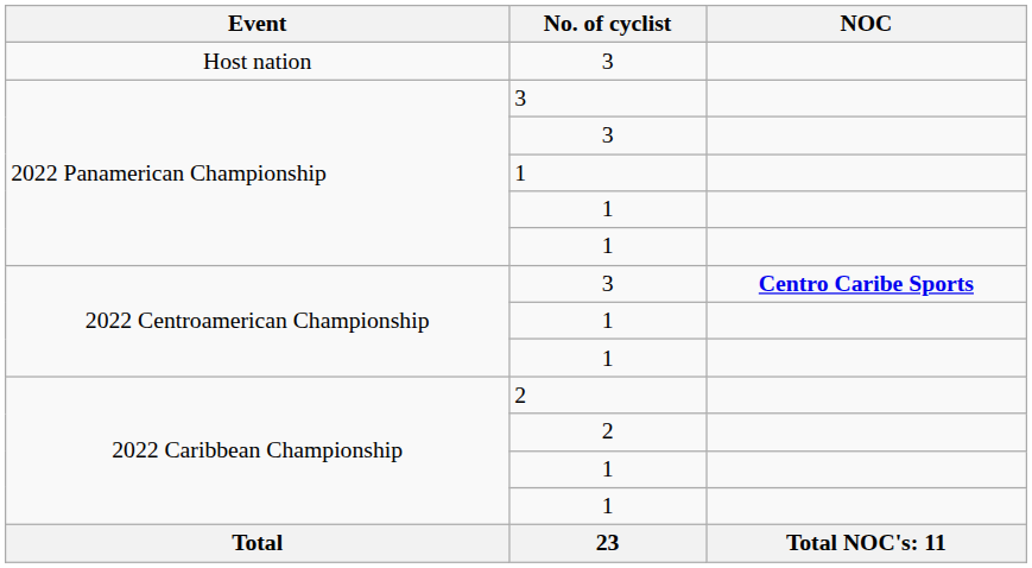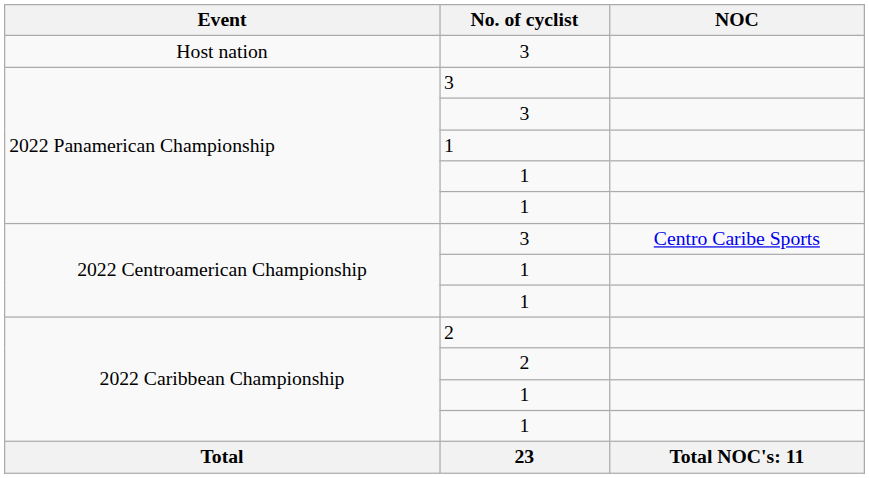 <table class="wikitable" style="width:700px; text-align:center;">
 <tr>
 <th>Event</th>
 <th>No. of cyclist</th>
 <th>NOC</th>
 </tr>
 <tr>
 <td>Host nation</td>
 <td>3</td>
 <td></td>
 </tr>
 <tr>
 <td rowspan="5" align="left">2022 Panamerican Championship</td>
 <td align="left">3</td>
 <td></td>
 </tr>
 <tr>
 <td>3</td>
 <td></td>
 </tr>
 <tr>
 <td align="left">1</td>
 <td></td>
 </tr>
 <tr>
 <td>1</td>
 <td></td>
 </tr>
 <tr>
 <td>1</td>
 <td></td>
 </tr>
 <tr>
 <td rowspan="3">2022 Centroamerican Championship</td>
 <td>3</td>
-<td><strong><a href='#'>Centro Caribe Sports</a></strong></td>
+<td><a href='#'>Centro Caribe Sports</a></td>
 </tr>
 <tr>
 <td>1</td>
 <td></td>
 </tr>
 <tr>
 <td>1</td>
 <td></td>
 </tr>
 <tr>
 <td rowspan="4">2022 Caribbean Championship</td>
 <td align="left">2</td>
 <td></td>
 </tr>
 <tr>
 <td>2</td>
 <td></td>
 </tr>
 <tr>
 <td>1</td>
 <td></td>
 </tr>
 <tr>
 <td>1</td>
 <td></td>
 </tr>
 <tr>
 <th>Total</th>
 <th>23</th>
 <th>Total NOC's: 11</th>
 </tr>
 </table>
